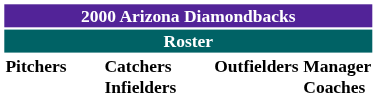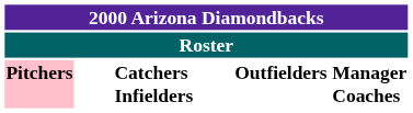 <table class="toccolours" style="font-size: 95%;">
 <tr>
 <th colspan="10" style="background-color: #522398; color: #FFFFFF; text-align: center;">2000 Arizona Diamondbacks</th>
 </tr>
 <tr>
 <td colspan="10" style="background-color: #006265; color: #FFFFFF; text-align: center;"><strong>Roster</strong></td>
 </tr>
 <tr>
-<td valign="top"><strong>Pitchers</strong><br>                </td>
+<td valign="top" style="background: pink;"><strong>Pitchers</strong><br>                </td>
 <td width="25px"></td>
 <td valign="top"><strong>Catchers</strong><br>   <strong>Infielders</strong>           </td>
 <td width="25px"></td>
 <td valign="top"><strong>Outfielders</strong><br>         </td>
 <td valign="top"><strong>Manager</strong><br> <strong>Coaches</strong>      </td>
 </tr>
 <tr>
 </tr>
 </table>
